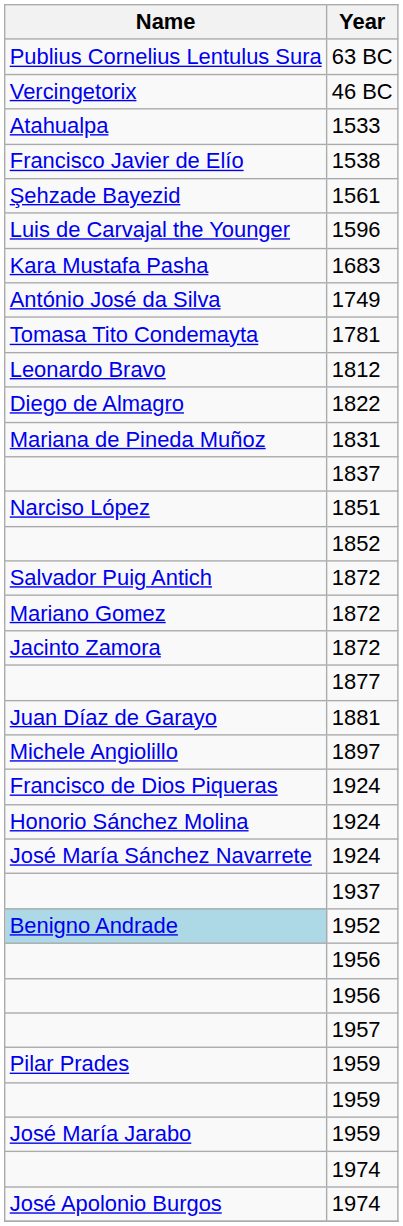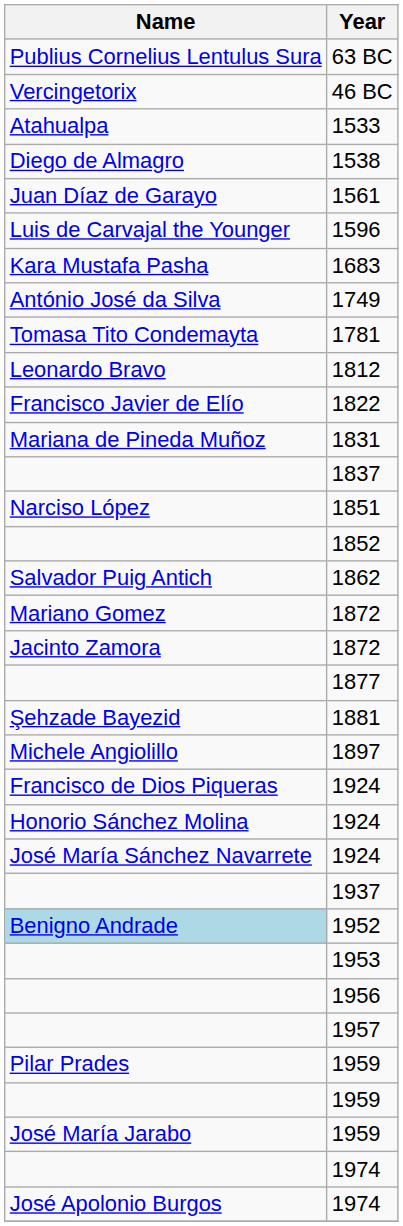 <table class="wikitable sortable">
 <tr>
 <th scope="col">Name</th>
 <th scope="col">Year</th>
 </tr>
 <tr>
 <td><a href='#'>Publius Cornelius Lentulus Sura</a></td>
 <td>63 BC</td>
 </tr>
 <tr>
 <td><a href='#'>Vercingetorix</a></td>
 <td>46 BC</td>
 </tr>
 <tr>
 <td><a href='#'>Atahualpa</a></td>
 <td>1533</td>
 </tr>
 <tr>
-<td><a href='#'>Francisco Javier de Elío</a></td>
+<td><a href='#'>Diego de Almagro</a></td>
 <td>1538</td>
 </tr>
 <tr>
-<td><a href='#'>Şehzade Bayezid</a></td>
+<td><a href='#'>Juan Díaz de Garayo</a></td>
 <td>1561</td>
 </tr>
 <tr>
 <td><a href='#'>Luis de Carvajal the Younger</a></td>
 <td>1596</td>
 </tr>
 <tr>
 <td><a href='#'>Kara Mustafa Pasha</a></td>
 <td>1683</td>
 </tr>
 <tr>
 <td><a href='#'>António José da Silva</a></td>
 <td>1749</td>
 </tr>
 <tr>
 <td><a href='#'>Tomasa Tito Condemayta</a></td>
 <td>1781</td>
 </tr>
 <tr>
 <td><a href='#'>Leonardo Bravo</a></td>
 <td>1812</td>
 </tr>
 <tr>
-<td><a href='#'>Diego de Almagro</a></td>
+<td><a href='#'>Francisco Javier de Elío</a></td>
 <td>1822</td>
 </tr>
 <tr>
 <td><a href='#'>Mariana de Pineda Muñoz</a></td>
 <td>1831</td>
 </tr>
 <tr>
 <td></td>
 <td>1837</td>
 </tr>
 <tr>
 <td><a href='#'>Narciso López</a></td>
 <td>1851</td>
 </tr>
 <tr>
 <td></td>
 <td>1852</td>
 </tr>
 <tr>
 <td><a href='#'>Salvador Puig Antich</a></td>
-<td>1872</td>
+<td>1862</td>
 </tr>
 <tr>
 <td><a href='#'>Mariano Gomez</a></td>
 <td>1872</td>
 </tr>
 <tr>
 <td><a href='#'>Jacinto Zamora</a></td>
 <td>1872</td>
 </tr>
 <tr>
 <td></td>
 <td>1877</td>
 </tr>
 <tr>
-<td><a href='#'>Juan Díaz de Garayo</a></td>
+<td><a href='#'>Şehzade Bayezid</a></td>
 <td>1881</td>
 </tr>
 <tr>
 <td><a href='#'>Michele Angiolillo</a></td>
 <td>1897</td>
 </tr>
 <tr>
 <td><a href='#'>Francisco de Dios Piqueras</a></td>
 <td>1924</td>
 </tr>
 <tr>
 <td><a href='#'>Honorio Sánchez Molina</a></td>
 <td>1924</td>
 </tr>
 <tr>
 <td><a href='#'>José María Sánchez Navarrete</a></td>
 <td>1924</td>
 </tr>
 <tr>
 <td></td>
 <td>1937</td>
 </tr>
 <tr>
 <td style="background: lightblue;"><a href='#'>Benigno Andrade</a></td>
 <td>1952</td>
 </tr>
 <tr>
 <td></td>
-<td>1956</td>
+<td>1953</td>
 </tr>
 <tr>
 <td></td>
 <td>1956</td>
 </tr>
 <tr>
 <td></td>
 <td>1957</td>
 </tr>
 <tr>
 <td><a href='#'>Pilar Prades</a></td>
 <td>1959</td>
 </tr>
 <tr>
 <td></td>
 <td>1959</td>
 </tr>
 <tr>
 <td><a href='#'>José María Jarabo</a></td>
 <td>1959</td>
 </tr>
 <tr>
 <td></td>
 <td>1974</td>
 </tr>
 <tr>
 <td><a href='#'>José Apolonio Burgos</a></td>
 <td>1974</td>
 </tr>
 <tr>
 </tr>
 </table>
